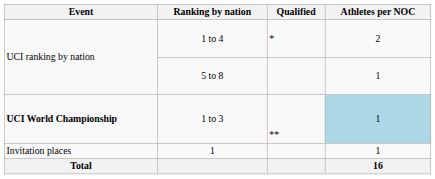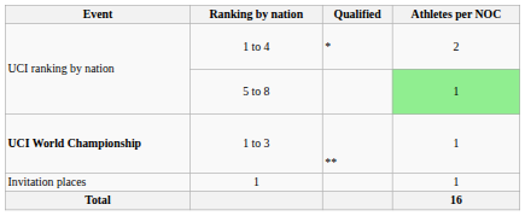 <table class="wikitable" width=700 style="text-align:center">
 <tr>
 <th>Event</th>
 <th>Ranking by nation</th>
 <th>Qualified</th>
 <th>Athletes per NOC</th>
 </tr>
 <tr>
 <td rowspan="2" align="left">UCI ranking by nation</td>
 <td>1 to 4</td>
 <td align="left"><br>*<br><br></td>
 <td>2</td>
 </tr>
 <tr>
 <td>5 to 8</td>
 <td align="left"><br><br><br></td>
-<td>1</td>
+<td style="background: lightgreen;">1</td>
 </tr>
 <tr>
 <td align="left"><strong>UCI World Championship</strong></td>
 <td>1 to 3</td>
 <td align="left"><br><br><br>**</td>
-<td style="background: lightblue;">1</td>
+<td>1</td>
 </tr>
 <tr>
 <td align="left">Invitation places</td>
 <td>1</td>
 <td align=left></td>
 <td>1</td>
 </tr>
 <tr>
 <th>Total</th>
 <th></th>
 <th></th>
 <th>16</th>
 </tr>
 </table>
